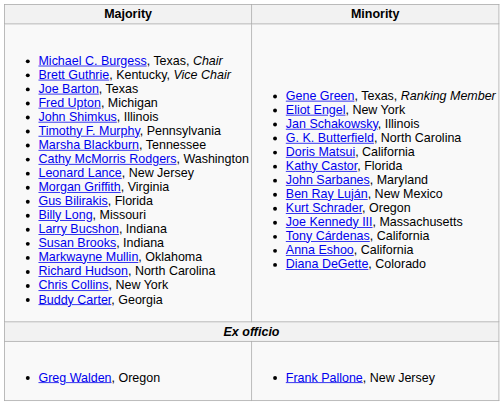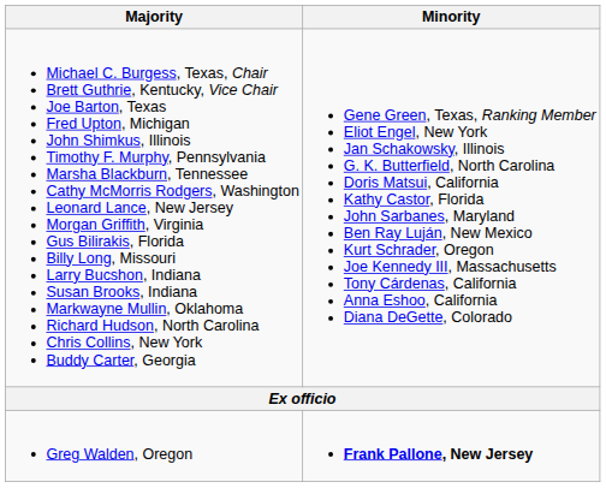 <table class=wikitable>
 <tr>
 <th>Majority</th>
 <th>Minority</th>
 </tr>
 <tr>
 <td><br><ul><li><a href='#'>Michael C. Burgess</a>, Texas, <em>Chair</em></li><li><a href='#'>Brett Guthrie</a>, Kentucky, <em>Vice Chair</em></li><li><a href='#'>Joe Barton</a>, Texas</li><li><a href='#'>Fred Upton</a>, Michigan</li><li><a href='#'>John Shimkus</a>, Illinois</li><li><a href='#'>Timothy F. Murphy</a>, Pennsylvania</li><li><a href='#'>Marsha Blackburn</a>, Tennessee</li><li><a href='#'>Cathy McMorris Rodgers</a>, Washington</li><li><a href='#'>Leonard Lance</a>, New Jersey</li><li><a href='#'>Morgan Griffith</a>, Virginia</li><li><a href='#'>Gus Bilirakis</a>, Florida</li><li><a href='#'>Billy Long</a>, Missouri</li><li><a href='#'>Larry Bucshon</a>, Indiana</li><li><a href='#'>Susan Brooks</a>, Indiana</li><li><a href='#'>Markwayne Mullin</a>, Oklahoma</li><li><a href='#'>Richard Hudson</a>, North Carolina</li><li><a href='#'>Chris Collins</a>, New York</li><li><a href='#'>Buddy Carter</a>, Georgia</li></ul></td>
 <td><br><ul><li><a href='#'>Gene Green</a>, Texas, <em>Ranking Member</em></li><li><a href='#'>Eliot Engel</a>, New York</li><li><a href='#'>Jan Schakowsky</a>, Illinois</li><li><a href='#'>G. K. Butterfield</a>, North Carolina</li><li><a href='#'>Doris Matsui</a>, California</li><li><a href='#'>Kathy Castor</a>, Florida</li><li><a href='#'>John Sarbanes</a>, Maryland</li><li><a href='#'>Ben Ray Luján</a>, New Mexico</li><li><a href='#'>Kurt Schrader</a>, Oregon</li><li><a href='#'>Joe Kennedy III</a>, Massachusetts</li><li><a href='#'>Tony Cárdenas</a>, California</li><li><a href='#'>Anna Eshoo</a>, California</li><li><a href='#'>Diana DeGette</a>, Colorado</li></ul></td>
 </tr>
 <tr>
 <th colspan=2><em>Ex officio</em></th>
 </tr>
 <tr>
 <td><br><ul><li><a href='#'>Greg Walden</a>, Oregon</li></ul></td>
-<td><br><ul><li><a href='#'>Frank Pallone</a>, New Jersey</li></ul></td>
+<td><strong><br><ul><li><a href='#'>Frank Pallone</a>, New Jersey</li></ul></strong></td>
 </tr>
 </table>
